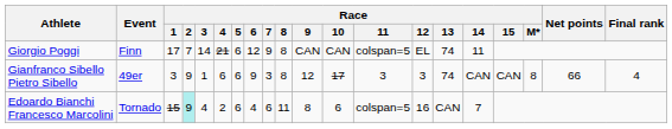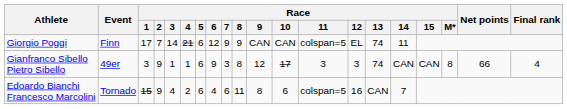 <table class="wikitable" style="font-size:90%">
 <tr>
 <th rowspan=2>Athlete</th>
 <th rowspan=2>Event</th>
 <th colspan=16>Race</th>
 <th rowspan=2>Net points</th>
 <th rowspan=2>Final rank</th>
 </tr>
 <tr style="font-size:95%">
 <th>1</th>
 <th>2</th>
 <th>3</th>
 <th>4</th>
 <th>5</th>
 <th>6</th>
 <th>7</th>
 <th>8</th>
 <th>9</th>
 <th>10</th>
 <th>11</th>
 <th>12</th>
 <th>13</th>
 <th>14</th>
 <th>15</th>
 <th>M*</th>
 </tr>
 <tr align=center>
 <td align=left><a href='#'>Giorgio Poggi</a></td>
 <td align=left><a href='#'>Finn</a></td>
 <td>17</td>
 <td>7</td>
 <td>14</td>
 <td><s>21</s></td>
 <td>6</td>
 <td>12</td>
 <td>9</td>
-<td>8</td>
+<td>9</td>
 <td>CAN</td>
 <td>CAN</td>
 <td>colspan=5 </td>
 <td>EL</td>
 <td>74</td>
 <td>11</td>
 </tr>
 <tr align=center>
 <td align=left><a href='#'>Gianfranco Sibello</a><br><a href='#'>Pietro Sibello</a></td>
 <td align=left><a href='#'>49er</a></td>
 <td>3</td>
 <td>9</td>
 <td>1</td>
-<td>6</td>
+<td>1</td>
 <td>6</td>
 <td>9</td>
 <td>3</td>
 <td>8</td>
 <td>12</td>
 <td><s>17</s></td>
 <td>3</td>
 <td>3</td>
 <td>74</td>
 <td>CAN</td>
 <td>CAN</td>
 <td>8</td>
 <td>66</td>
 <td>4</td>
 </tr>
 <tr align=center>
 <td align=left><a href='#'>Edoardo Bianchi</a><br><a href='#'>Francesco Marcolini</a></td>
 <td align=left><a href='#'>Tornado</a></td>
 <td><s>15</s></td>
-<td style="background: paleturquoise;">9</td>
+<td>9</td>
 <td>4</td>
 <td>2</td>
 <td>6</td>
 <td>4</td>
 <td>6</td>
 <td>11</td>
 <td>8</td>
 <td>6</td>
 <td>colspan=5 </td>
 <td>16</td>
 <td>CAN</td>
 <td>7</td>
 </tr>
 </table>
